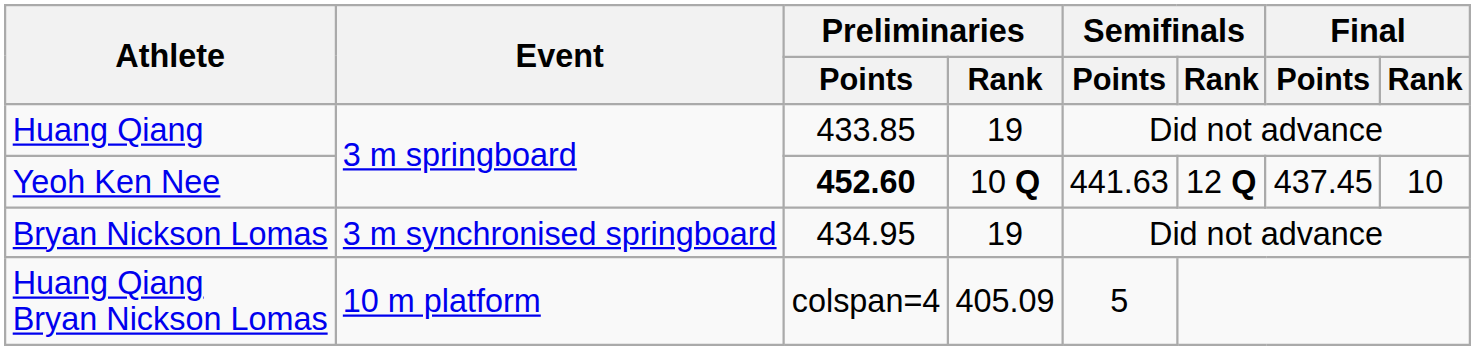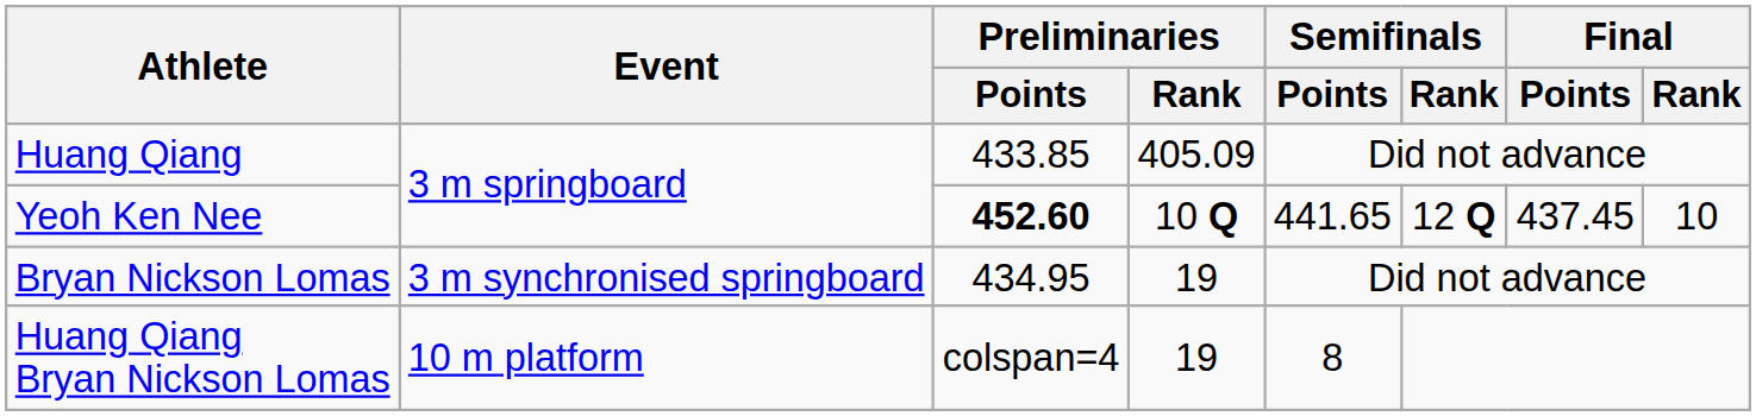 <table class=wikitable style="font-size:90%">
 <tr>
 <th rowspan="2">Athlete</th>
 <th rowspan="2">Event</th>
 <th colspan="2">Preliminaries</th>
 <th colspan="2">Semifinals</th>
 <th colspan="2">Final</th>
 </tr>
 <tr style="font-size:95%">
 <th>Points</th>
 <th>Rank</th>
 <th>Points</th>
 <th>Rank</th>
 <th>Points</th>
 <th>Rank</th>
 </tr>
 <tr align=center>
 <td align=left><a href='#'>Huang Qiang</a></td>
 <td align=left rowspan=2><a href='#'>3 m springboard</a></td>
 <td>433.85</td>
-<td>19</td>
+<td>405.09</td>
 <td colspan=4>Did not advance</td>
 </tr>
 <tr align=center>
 <td align=left><a href='#'>Yeoh Ken Nee</a></td>
 <td><strong>452.60</strong></td>
 <td>10 <strong>Q</strong></td>
-<td>441.63</td>
+<td>441.65</td>
 <td>12 <strong>Q</strong></td>
 <td>437.45</td>
 <td>10</td>
 </tr>
 <tr align=center>
 <td align=left><a href='#'>Bryan Nickson Lomas</a></td>
 <td align=left><a href='#'>3 m synchronised springboard</a></td>
 <td>434.95</td>
 <td>19</td>
 <td colspan=4>Did not advance</td>
 </tr>
 <tr align=center>
 <td align=left><a href='#'>Huang Qiang</a><br><a href='#'>Bryan Nickson Lomas</a></td>
 <td align=left><a href='#'>10 m platform</a></td>
 <td>colspan=4 </td>
-<td>405.09</td>
-<td>5</td>
+<td>19</td>
+<td>8</td>
 </tr>
 </table>
